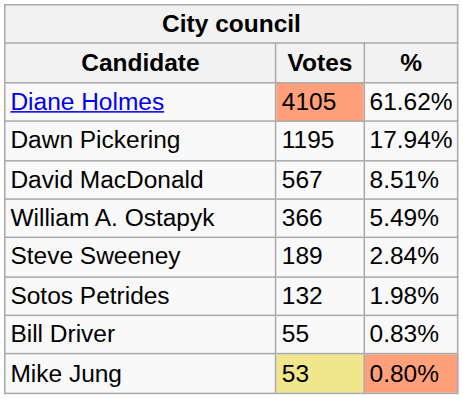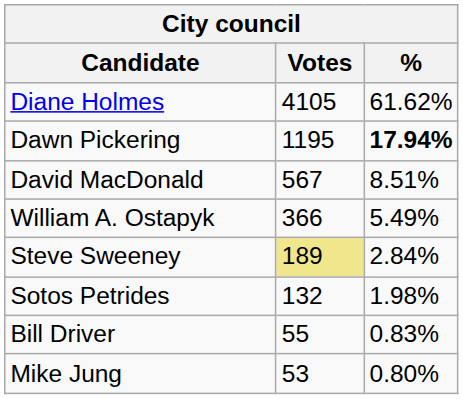 <table class="wikitable">
 <tr>
 <th colspan="3">City council</th>
 </tr>
 <tr>
 <th style="width: 170px">Candidate</th>
 <th style="width: 50px">Votes</th>
 <th style="width: 40px">%</th>
 </tr>
 <tr>
 <td><a href='#'>Diane Holmes</a></td>
-<td style="background: lightsalmon;">4105</td>
+<td>4105</td>
 <td>61.62%</td>
 </tr>
 <tr>
 <td>Dawn Pickering</td>
 <td>1195</td>
-<td>17.94%</td>
+<td><strong>17.94%</strong></td>
 </tr>
 <tr>
 <td>David MacDonald</td>
 <td>567</td>
 <td>8.51%</td>
 </tr>
 <tr>
 <td>William A. Ostapyk</td>
 <td>366</td>
 <td>5.49%</td>
 </tr>
 <tr>
 <td>Steve Sweeney</td>
-<td>189</td>
+<td style="background: khaki;">189</td>
 <td>2.84%</td>
 </tr>
 <tr>
 <td>Sotos Petrides</td>
 <td>132</td>
 <td>1.98%</td>
 </tr>
 <tr>
 <td>Bill Driver</td>
 <td>55</td>
 <td>0.83%</td>
 </tr>
 <tr>
 <td>Mike Jung</td>
-<td style="background: khaki;">53</td>
-<td style="background: lightsalmon;">0.80%</td>
+<td>53</td>
+<td>0.80%</td>
 </tr>
 </table>
